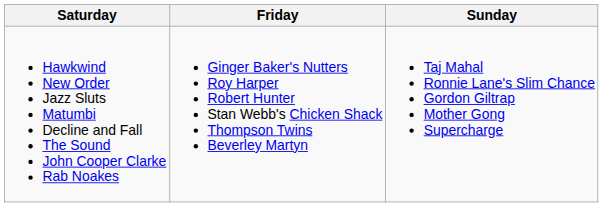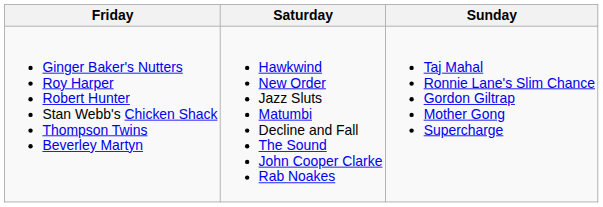 <table class="wikitable">
 <tr>
+<th>Friday</th>
 <th>Saturday</th>
-<th>Friday</th>
 <th>Sunday</th>
 </tr>
 <tr valign="top">
+<td><br><ul><li><a href='#'>Ginger Baker's Nutters</a></li><li><a href='#'>Roy Harper</a></li><li><a href='#'>Robert Hunter</a></li><li>Stan Webb's <a href='#'>Chicken Shack</a></li><li><a href='#'>Thompson Twins</a></li><li><a href='#'>Beverley Martyn</a></li></ul></td>
 <td><br><ul><li><a href='#'>Hawkwind</a></li><li><a href='#'>New Order</a></li><li>Jazz Sluts</li><li><a href='#'>Matumbi</a></li><li>Decline and Fall</li><li><a href='#'>The Sound</a></li><li><a href='#'>John Cooper Clarke</a></li><li><a href='#'>Rab Noakes</a></li></ul></td>
-<td><br><ul><li><a href='#'>Ginger Baker's Nutters</a></li><li><a href='#'>Roy Harper</a></li><li><a href='#'>Robert Hunter</a></li><li>Stan Webb's <a href='#'>Chicken Shack</a></li><li><a href='#'>Thompson Twins</a></li><li><a href='#'>Beverley Martyn</a></li></ul></td>
 <td><br><ul><li><a href='#'>Taj Mahal</a></li><li><a href='#'>Ronnie Lane's Slim Chance</a></li><li><a href='#'>Gordon Giltrap</a></li><li><a href='#'>Mother Gong</a></li><li><a href='#'>Supercharge</a></li></ul></td>
 </tr>
 </table>
